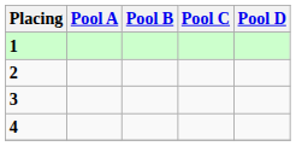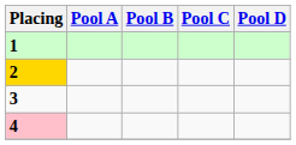 <table class=wikitable style="border:1px solid #AAAAAA;">
 <tr>
 <th>Placing</th>
 <th><a href='#'>Pool A</a></th>
 <th><a href='#'>Pool B</a></th>
 <th><a href='#'>Pool C</a></th>
 <th><a href='#'>Pool D</a></th>
 </tr>
 <tr style="background: #ccffcc;">
 <td><strong>1</strong></td>
 <td></td>
 <td></td>
 <td></td>
 <td></td>
 </tr>
 <tr>
-<td><strong>2</strong></td>
+<td style="background: gold;"><strong>2</strong></td>
 <td></td>
 <td></td>
 <td></td>
 <td></td>
 </tr>
 <tr>
 <td><strong>3</strong></td>
 <td></td>
 <td></td>
 <td></td>
 <td></td>
 </tr>
 <tr>
-<td><strong>4</strong></td>
+<td style="background: pink;"><strong>4</strong></td>
 <td></td>
 <td></td>
 <td></td>
 <td></td>
 </tr>
 <tr>
 </tr>
 </table>
